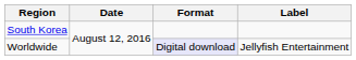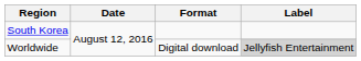 <table class = "wikitable">
 <tr>
 <th>Region</th>
 <th>Date</th>
 <th>Format</th>
 <th>Label</th>
 </tr>
 <tr>
 <td><a href='#'>South Korea</a></td>
 <td rowspan=2>August 12, 2016</td>
 <td></td>
 <td></td>
 </tr>
 <tr>
 <td>Worldwide</td>
-<td style="background: lavender;">Digital download</td>
-<td>Jellyfish Entertainment</td>
+<td>Digital download</td>
+<td style="background: lightgrey;">Jellyfish Entertainment</td>
 </tr>
 </table>
